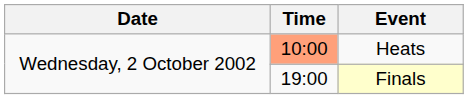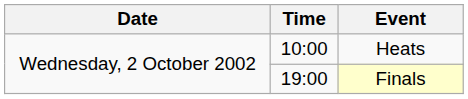 <table class = "wikitable" style="text-align:center;">
 <tr>
 <th width=220>Date</th>
 <th width=50>Time</th>
 <th width=100>Event</th>
 </tr>
 <tr>
 <td rowspan=2>Wednesday, 2 October 2002</td>
-<td style="background: lightsalmon;">10:00</td>
+<td>10:00</td>
 <td>Heats</td>
 </tr>
 <tr>
 <td>19:00</td>
 <td bgcolor=ffffcc>Finals</td>
 </tr>
 </table>
